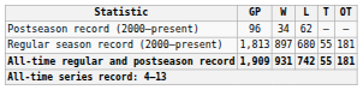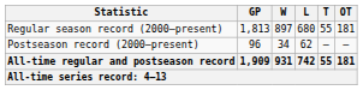 <table class="wikitable" style="text-align:center; font-size:95%">
 <tr>
 <th>Statistic</th>
 <th>GP</th>
 <th>W</th>
 <th>L</th>
 <th>T</th>
 <th>OT</th>
 </tr>
 <tr>
+<td style="text-align:left;">Regular season record (2000–present)</td>
+<td>1,813</td>
+<td>897</td>
+<td>680</td>
+<td>55</td>
+<td>181</td>
+</tr>
+<tr>
 <td style="text-align:left;">Postseason record (2000–present)</td>
 <td>96</td>
 <td>34</td>
 <td>62</td>
 <td>—</td>
 <td>—</td>
-</tr>
-<tr>
-<td style="text-align:left;">Regular season record (2000–present)</td>
-<td>1,813</td>
-<td>897</td>
-<td>680</td>
-<td>55</td>
-<td>181</td>
 </tr>
 <tr>
 <th style="text-align:left;">All-time regular and postseason record</th>
 <th>1,909</th>
 <th>931</th>
 <th>742</th>
 <th>55</th>
 <th>181</th>
 </tr>
 <tr>
 <th colspan="6" style="text-align:left; font-size:95%">All-time series record: 4–13</th>
 </tr>
 </table>
